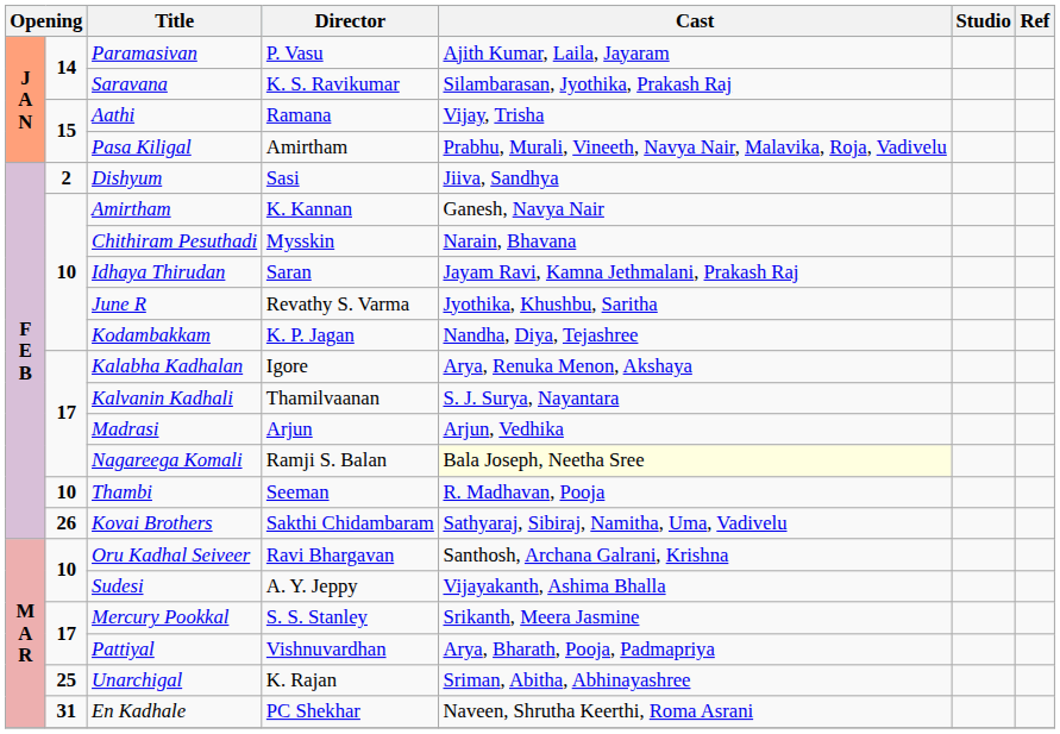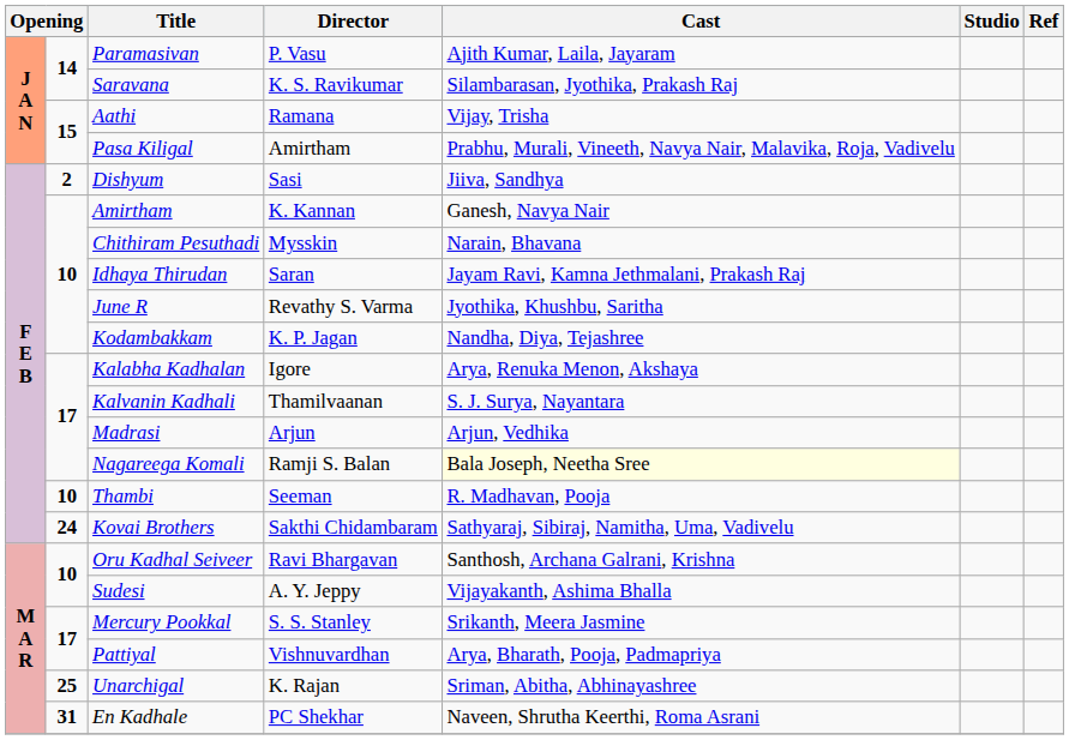 <table class="wikitable sortable">
 <tr style="background:#b0e0e6; text-align:center;">
 <th colspan="2">Opening</th>
 <th>Title</th>
 <th>Director</th>
 <th>Cast</th>
 <th>Studio</th>
 <th>Ref</th>
 </tr>
 <tr January!>
 <td rowspan="4"   style="text-align:center; background:#ffa07a; textcolor:#000;"><strong>J<br>A<br>N</strong></td>
 <td rowspan="2" style="text-align:center;"><strong>14</strong></td>
 <td><em><a href='#'>Paramasivan</a></em></td>
 <td><a href='#'>P. Vasu</a></td>
 <td><a href='#'>Ajith Kumar</a>, <a href='#'>Laila</a>, <a href='#'>Jayaram</a></td>
 <td></td>
 <td></td>
 </tr>
 <tr>
 <td><em><a href='#'>Saravana</a></em></td>
 <td><a href='#'>K. S. Ravikumar</a></td>
 <td><a href='#'>Silambarasan</a>, <a href='#'>Jyothika</a>, <a href='#'>Prakash Raj</a></td>
 <td></td>
 <td></td>
 </tr>
 <tr>
 <td rowspan="2" style="text-align:center;"><strong>15</strong></td>
 <td><em><a href='#'>Aathi</a></em></td>
 <td><a href='#'>Ramana</a></td>
 <td><a href='#'>Vijay</a>, <a href='#'>Trisha</a></td>
 <td></td>
 <td></td>
 </tr>
 <tr>
 <td><em><a href='#'>Pasa Kiligal</a></em></td>
 <td>Amirtham</td>
 <td><a href='#'>Prabhu</a>, <a href='#'>Murali</a>, <a href='#'>Vineeth</a>, <a href='#'>Navya Nair</a>, <a href='#'>Malavika</a>, <a href='#'>Roja</a>, <a href='#'>Vadivelu</a></td>
 <td></td>
 <td></td>
 </tr>
 <tr February!>
 <td rowspan="12"   style="text-align:center; background:thistle; textcolor:#000;"><strong>F<br>E<br>B</strong></td>
 <td style="text-align:center;"><strong>2</strong></td>
 <td><em><a href='#'>Dishyum</a></em></td>
 <td><a href='#'>Sasi</a></td>
 <td><a href='#'>Jiiva</a>, <a href='#'>Sandhya</a></td>
 <td></td>
 <td></td>
 </tr>
 <tr>
 <td rowspan="5" style="text-align:center;"><strong>10</strong></td>
 <td><em><a href='#'>Amirtham</a></em></td>
 <td><a href='#'>K. Kannan</a></td>
 <td>Ganesh, <a href='#'>Navya Nair</a></td>
 <td></td>
 <td></td>
 </tr>
 <tr>
 <td><em><a href='#'>Chithiram Pesuthadi</a></em></td>
 <td><a href='#'>Mysskin</a></td>
 <td><a href='#'>Narain</a>, <a href='#'>Bhavana</a></td>
 <td></td>
 <td></td>
 </tr>
 <tr>
 <td><em><a href='#'>Idhaya Thirudan</a></em></td>
 <td><a href='#'>Saran</a></td>
 <td><a href='#'>Jayam Ravi</a>, <a href='#'>Kamna Jethmalani</a>, <a href='#'>Prakash Raj</a></td>
 <td></td>
 <td></td>
 </tr>
 <tr>
 <td><em><a href='#'>June R</a></em></td>
 <td>Revathy S. Varma</td>
 <td><a href='#'>Jyothika</a>, <a href='#'>Khushbu</a>, <a href='#'>Saritha</a></td>
 <td></td>
 <td></td>
 </tr>
 <tr>
 <td><em><a href='#'>Kodambakkam</a></em></td>
 <td><a href='#'>K. P. Jagan</a></td>
 <td><a href='#'>Nandha</a>, <a href='#'>Diya</a>, <a href='#'>Tejashree</a></td>
 <td></td>
 <td></td>
 </tr>
 <tr>
 <td rowspan="4" style="text-align:center;"><strong>17</strong></td>
 <td><em><a href='#'>Kalabha Kadhalan</a></em></td>
 <td>Igore</td>
 <td><a href='#'>Arya</a>, <a href='#'>Renuka Menon</a>, <a href='#'>Akshaya</a></td>
 <td></td>
 <td></td>
 </tr>
 <tr>
 <td><em><a href='#'>Kalvanin Kadhali</a></em></td>
 <td>Thamilvaanan</td>
 <td><a href='#'>S. J. Surya</a>, <a href='#'>Nayantara</a></td>
 <td></td>
 <td></td>
 </tr>
 <tr>
 <td><em><a href='#'>Madrasi</a></em></td>
 <td><a href='#'>Arjun</a></td>
 <td><a href='#'>Arjun</a>, <a href='#'>Vedhika</a></td>
 <td></td>
 <td></td>
 </tr>
 <tr>
 <td><em><a href='#'>Nagareega Komali</a></em></td>
 <td>Ramji S. Balan</td>
 <td style="background: lightyellow;">Bala Joseph, Neetha Sree</td>
 <td></td>
 <td></td>
 </tr>
 <tr>
 <td style="text-align:center;"><strong>10</strong></td>
 <td><em><a href='#'>Thambi</a></em></td>
 <td><a href='#'>Seeman</a></td>
 <td><a href='#'>R. Madhavan</a>, <a href='#'>Pooja</a></td>
 <td></td>
 <td></td>
 </tr>
 <tr>
-<td style="text-align:center;"><strong>26</strong></td>
+<td style="text-align:center;"><strong>24</strong></td>
 <td><em><a href='#'>Kovai Brothers</a></em></td>
 <td><a href='#'>Sakthi Chidambaram</a></td>
 <td><a href='#'>Sathyaraj</a>, <a href='#'>Sibiraj</a>, <a href='#'>Namitha</a>, <a href='#'>Uma</a>, <a href='#'>Vadivelu</a></td>
 <td></td>
 <td></td>
 </tr>
 <tr March!>
 <td rowspan="6"   style="text-align:center; background:#edafaf;"><strong>M<br>A<br>R</strong></td>
 <td rowspan="2" style="text-align:center;"><strong>10</strong></td>
 <td><em><a href='#'>Oru Kadhal Seiveer</a></em></td>
 <td><a href='#'>Ravi Bhargavan</a></td>
 <td>Santhosh, <a href='#'>Archana Galrani</a>, <a href='#'>Krishna</a></td>
 <td></td>
 <td></td>
 </tr>
 <tr>
 <td><em><a href='#'>Sudesi</a></em></td>
 <td>A. Y. Jeppy</td>
 <td><a href='#'>Vijayakanth</a>, <a href='#'>Ashima Bhalla</a></td>
 <td></td>
 <td></td>
 </tr>
 <tr>
 <td rowspan="2" style="text-align:center;"><strong>17</strong></td>
 <td><em><a href='#'>Mercury Pookkal</a></em></td>
 <td><a href='#'>S. S. Stanley</a></td>
 <td><a href='#'>Srikanth</a>, <a href='#'>Meera Jasmine</a></td>
 <td></td>
 <td></td>
 </tr>
 <tr>
 <td><em><a href='#'>Pattiyal</a></em></td>
 <td><a href='#'>Vishnuvardhan</a></td>
 <td><a href='#'>Arya</a>, <a href='#'>Bharath</a>, <a href='#'>Pooja</a>, <a href='#'>Padmapriya</a></td>
 <td></td>
 <td></td>
 </tr>
 <tr>
 <td rowspan="1" align="center"><strong>25</strong></td>
 <td><em><a href='#'>Unarchigal</a></em></td>
 <td>K. Rajan</td>
 <td><a href='#'>Sriman</a>, <a href='#'>Abitha</a>, <a href='#'>Abhinayashree</a></td>
 <td></td>
 <td></td>
 </tr>
 <tr>
 <td rowspan="1" align="center"><strong>31</strong></td>
 <td><em>En Kadhale</em></td>
 <td><a href='#'>PC Shekhar</a></td>
 <td>Naveen, Shrutha Keerthi, <a href='#'>Roma Asrani</a></td>
 <td></td>
 <td></td>
 </tr>
 <tr>
 </tr>
 </table>
